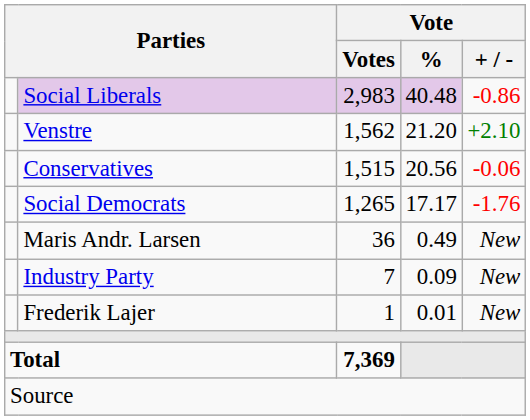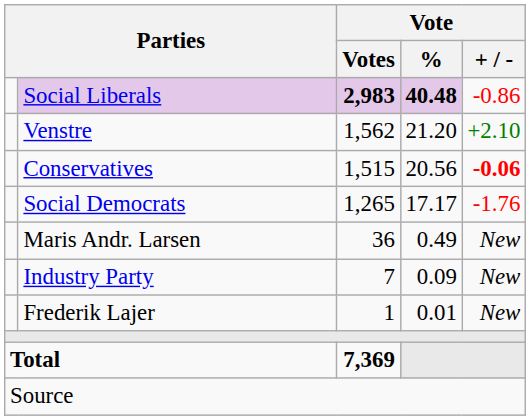 <table class="wikitable" style="text-align:right;">
 <tr>
 <th style="text-align:centre;" rowspan="2" colspan="2" width="225">Parties</th>
 <th colspan="3">Vote</th>
 </tr>
 <tr>
 <th width="15">Votes</th>
 <th width="15">%</th>
 <th width="15">+ / -</th>
 </tr>
 <tr>
 <td width="2" style="color:inherit;background:"></td>
 <td bgcolor=#e3c8e9  align="left"><a href='#'>Social Liberals</a></td>
-<td bgcolor=#e3c8e9>2,983</td>
-<td bgcolor=#e3c8e9>40.48</td>
+<td bgcolor=#e3c8e9><strong>2,983</strong></td>
+<td bgcolor=#e3c8e9><strong>40.48</strong></td>
 <td style=color:red;>-0.86</td>
 </tr>
 <tr>
 <td width="2" style="color:inherit;background:"></td>
 <td align="left"><a href='#'>Venstre</a></td>
 <td>1,562</td>
 <td>21.20</td>
 <td style=color:green;>+2.10</td>
 </tr>
 <tr>
 <td width="2" style="color:inherit;background:"></td>
 <td align="left"><a href='#'>Conservatives</a></td>
 <td>1,515</td>
 <td>20.56</td>
-<td style=color:red;>-0.06</td>
+<td style=color:red;><strong>-0.06</strong></td>
 </tr>
 <tr>
 <td width="2" style="color:inherit;background:"></td>
 <td align="left"><a href='#'>Social Democrats</a></td>
 <td>1,265</td>
 <td>17.17</td>
 <td style=color:red;>-1.76</td>
 </tr>
 <tr>
 <td width="2" style="color:inherit;background:"></td>
 <td align="left">Maris Andr. Larsen</td>
 <td>36</td>
 <td>0.49</td>
 <td><em>New</em></td>
 </tr>
 <tr>
 <td width="2" style="color:inherit;background:"></td>
 <td align="left"><a href='#'>Industry Party</a></td>
 <td>7</td>
 <td>0.09</td>
 <td><em>New</em></td>
 </tr>
 <tr>
 <td width="2" style="color:inherit;background:"></td>
 <td align="left">Frederik Lajer</td>
 <td>1</td>
 <td>0.01</td>
 <td><em>New</em></td>
 </tr>
 <tr>
 <td colspan="7" bgcolor="#E9E9E9"></td>
 </tr>
 <tr>
 <td align="left" colspan="2"><strong>Total</strong></td>
 <td><strong>7,369</strong></td>
 <td bgcolor="#E9E9E9" colspan="2"></td>
 </tr>
 <tr>
 <td align="left" colspan="6">Source</td>
 </tr>
 </table>
